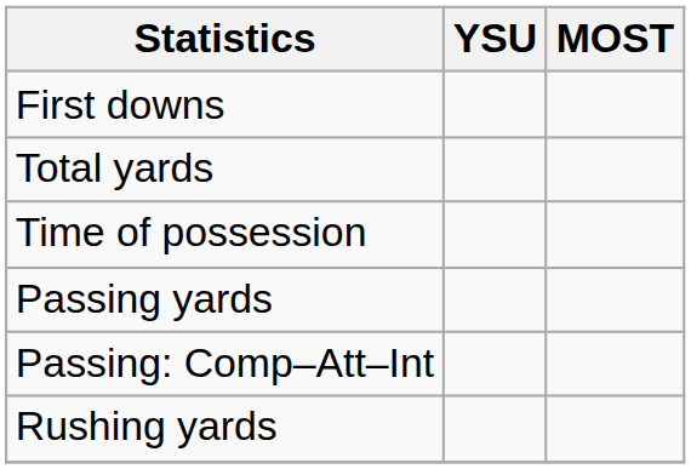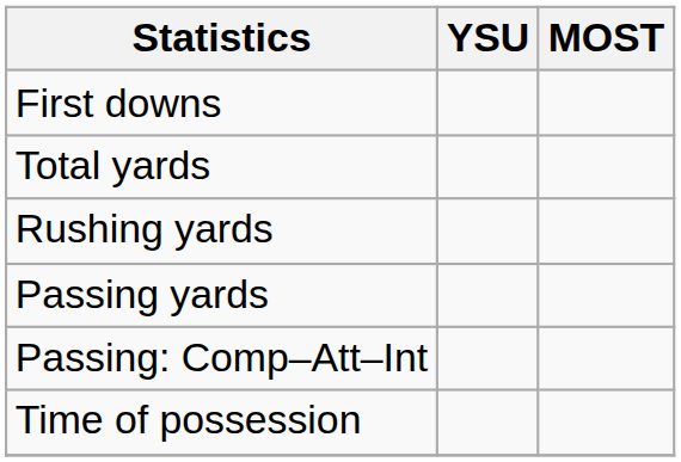 <table class="wikitable" style="float: left;">
 <tr>
 <th>Statistics</th>
 <th>YSU</th>
 <th>MOST</th>
 </tr>
 <tr>
 <td>First downs</td>
 <td></td>
 <td></td>
 </tr>
 <tr>
 <td>Total yards</td>
 <td></td>
 <td></td>
 </tr>
 <tr>
-<td>Time of possession</td>
+<td>Rushing yards</td>
 <td></td>
 <td></td>
 </tr>
 <tr>
 <td>Passing yards</td>
 <td></td>
 <td></td>
 </tr>
 <tr>
 <td>Passing: Comp–Att–Int</td>
 <td></td>
 <td></td>
 </tr>
 <tr>
-<td>Rushing yards</td>
+<td>Time of possession</td>
 <td></td>
 <td></td>
 </tr>
 <tr>
 </tr>
 </table>
